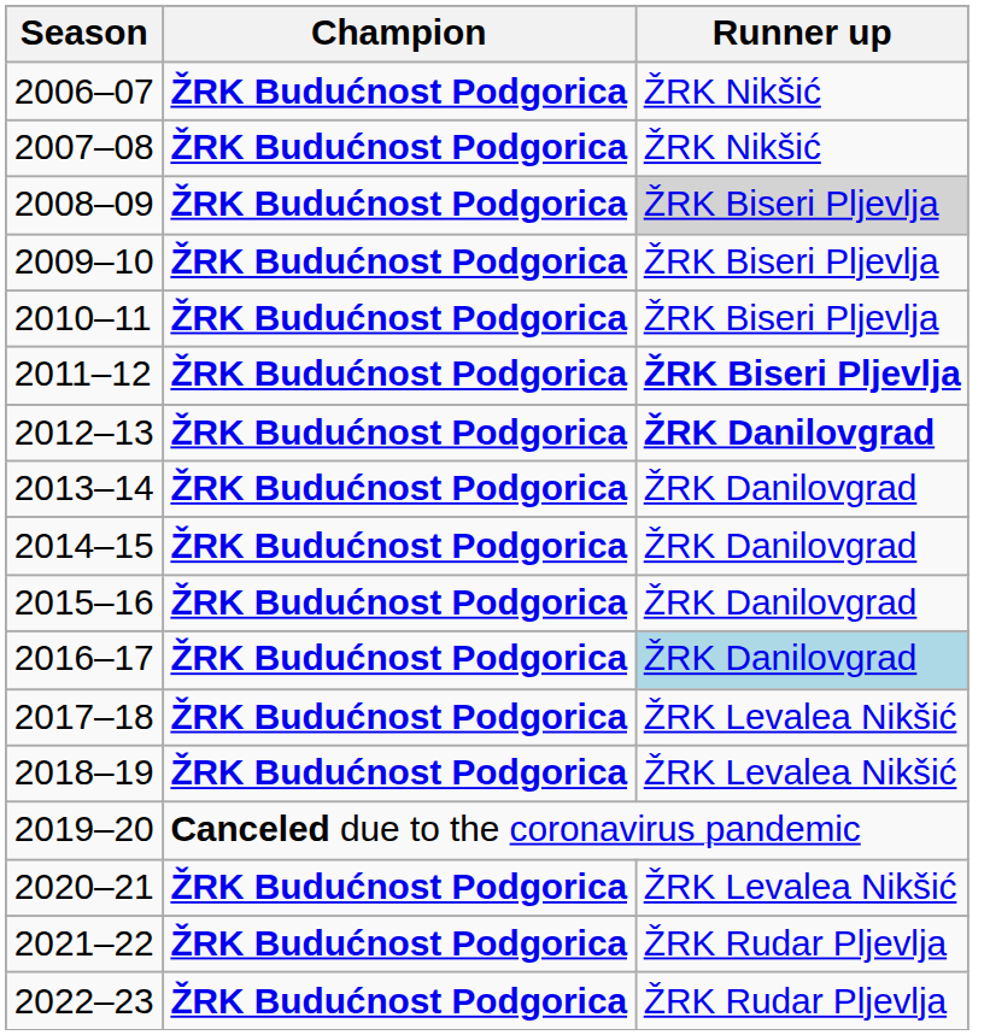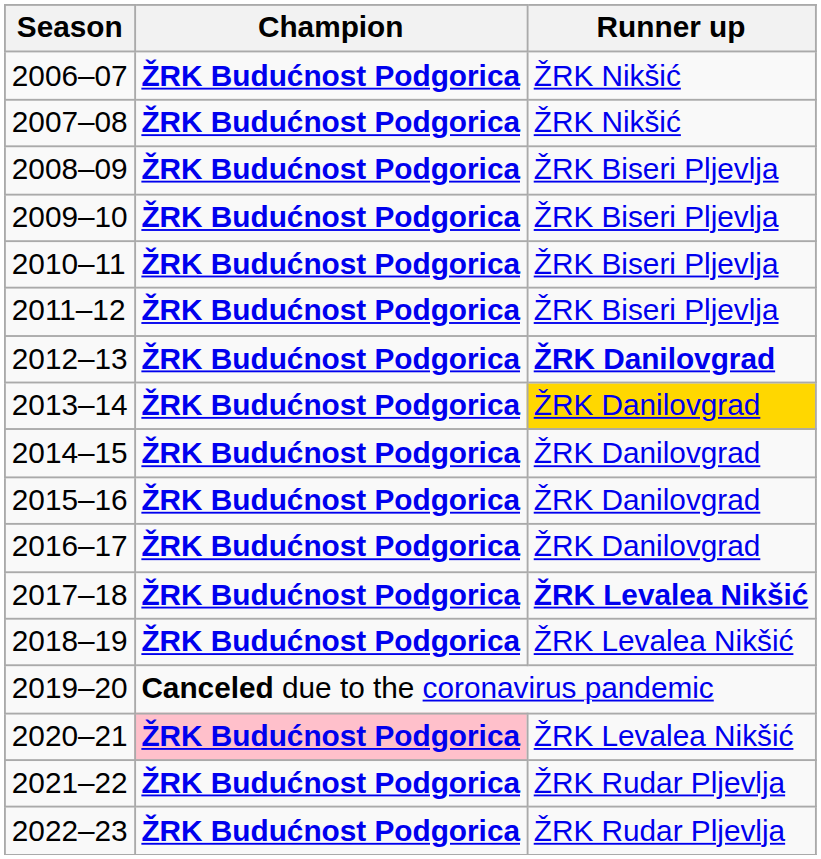 <table class="wikitable">
 <tr>
 <th>Season</th>
 <th>Champion</th>
 <th>Runner up</th>
 </tr>
 <tr>
 <td>2006–07</td>
 <td><strong><a href='#'>ŽRK Budućnost Podgorica</a></strong></td>
 <td><a href='#'>ŽRK Nikšić</a></td>
 </tr>
 <tr>
 <td>2007–08</td>
 <td><strong><a href='#'>ŽRK Budućnost Podgorica</a></strong></td>
 <td><a href='#'>ŽRK Nikšić</a></td>
 </tr>
 <tr>
 <td>2008–09</td>
 <td><strong><a href='#'>ŽRK Budućnost Podgorica</a></strong></td>
-<td style="background: lightgrey;"><a href='#'>ŽRK Biseri Pljevlja</a></td>
+<td><a href='#'>ŽRK Biseri Pljevlja</a></td>
 </tr>
 <tr>
 <td>2009–10</td>
 <td><strong><a href='#'>ŽRK Budućnost Podgorica</a></strong></td>
 <td><a href='#'>ŽRK Biseri Pljevlja</a></td>
 </tr>
 <tr>
 <td>2010–11</td>
 <td><strong><a href='#'>ŽRK Budućnost Podgorica</a></strong></td>
 <td><a href='#'>ŽRK Biseri Pljevlja</a></td>
 </tr>
 <tr>
 <td>2011–12</td>
 <td><strong><a href='#'>ŽRK Budućnost Podgorica</a></strong></td>
-<td><strong><a href='#'>ŽRK Biseri Pljevlja</a></strong></td>
+<td><a href='#'>ŽRK Biseri Pljevlja</a></td>
 </tr>
 <tr>
 <td>2012–13</td>
 <td><strong><a href='#'>ŽRK Budućnost Podgorica</a></strong></td>
 <td><strong><a href='#'>ŽRK Danilovgrad</a></strong></td>
 </tr>
 <tr>
 <td>2013–14</td>
 <td><strong><a href='#'>ŽRK Budućnost Podgorica</a></strong></td>
-<td><a href='#'>ŽRK Danilovgrad</a></td>
+<td style="background: gold;"><a href='#'>ŽRK Danilovgrad</a></td>
 </tr>
 <tr>
 <td>2014–15</td>
 <td><strong><a href='#'>ŽRK Budućnost Podgorica</a></strong></td>
 <td><a href='#'>ŽRK Danilovgrad</a></td>
 </tr>
 <tr>
 <td>2015–16</td>
 <td><strong><a href='#'>ŽRK Budućnost Podgorica</a></strong></td>
 <td><a href='#'>ŽRK Danilovgrad</a></td>
 </tr>
 <tr>
 <td>2016–17</td>
 <td><strong><a href='#'>ŽRK Budućnost Podgorica</a></strong></td>
-<td style="background: lightblue;"><a href='#'>ŽRK Danilovgrad</a></td>
+<td><a href='#'>ŽRK Danilovgrad</a></td>
 </tr>
 <tr>
 <td>2017–18</td>
 <td><strong><a href='#'>ŽRK Budućnost Podgorica</a></strong></td>
-<td><a href='#'>ŽRK Levalea Nikšić</a></td>
+<td><strong><a href='#'>ŽRK Levalea Nikšić</a></strong></td>
 </tr>
 <tr>
 <td>2018–19</td>
 <td><strong><a href='#'>ŽRK Budućnost Podgorica</a></strong></td>
 <td><a href='#'>ŽRK Levalea Nikšić</a></td>
 </tr>
 <tr>
 <td>2019–20</td>
 <td colspan=2><strong>Canceled</strong> due to the <a href='#'>coronavirus pandemic</a></td>
 </tr>
 <tr>
 <td>2020–21</td>
-<td><strong><a href='#'>ŽRK Budućnost Podgorica</a></strong></td>
+<td style="background: pink;"><strong><a href='#'>ŽRK Budućnost Podgorica</a></strong></td>
 <td><a href='#'>ŽRK Levalea Nikšić</a></td>
 </tr>
 <tr>
 <td>2021–22</td>
 <td><strong><a href='#'>ŽRK Budućnost Podgorica</a></strong></td>
 <td><a href='#'>ŽRK Rudar Pljevlja</a></td>
 </tr>
 <tr>
 <td>2022–23</td>
 <td><strong><a href='#'>ŽRK Budućnost Podgorica</a></strong></td>
 <td><a href='#'>ŽRK Rudar Pljevlja</a></td>
 </tr>
 <tr>
 </tr>
 </table>
